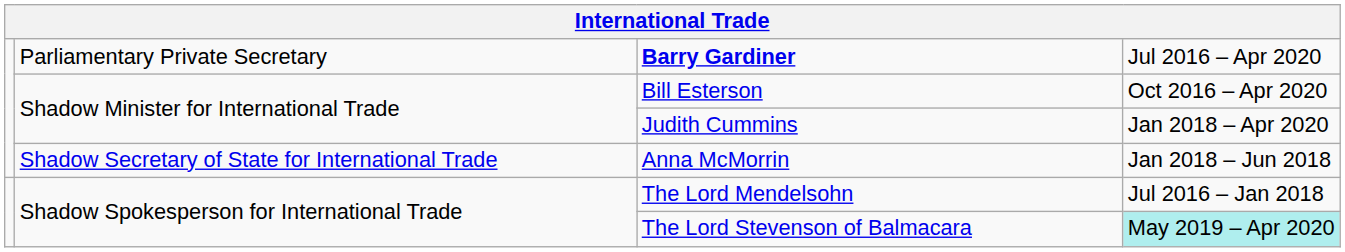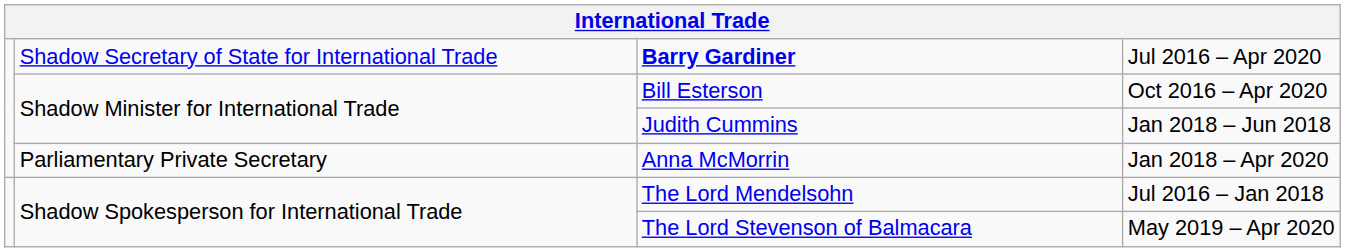 <table class="wikitable">
 <tr>
 <th colspan="4"><a href='#'>International Trade</a></th>
 </tr>
 <tr>
 <td rowspan="4" style="background: "></td>
-<td>Parliamentary Private Secretary</td>
+<td style="width: 450px;"><a href='#'>Shadow Secretary of State for International Trade</a></td>
 <td style="width: 350px;"><strong><a href='#'>Barry Gardiner</a></strong></td>
 <td>Jul 2016 – Apr 2020</td>
 </tr>
 <tr>
 <td rowspan="2">Shadow Minister for International Trade</td>
 <td><a href='#'>Bill Esterson</a></td>
 <td>Oct 2016 – Apr 2020</td>
 </tr>
 <tr>
 <td><a href='#'>Judith Cummins</a></td>
-<td>Jan 2018 – Apr 2020</td>
+<td>Jan 2018 – Jun 2018</td>
 </tr>
 <tr>
-<td style="width: 450px;"><a href='#'>Shadow Secretary of State for International Trade</a></td>
+<td>Parliamentary Private Secretary</td>
 <td><a href='#'>Anna McMorrin</a></td>
-<td>Jan 2018 – Jun 2018</td>
+<td>Jan 2018 – Apr 2020</td>
 </tr>
 <tr>
 <td rowspan="2" style="background: "></td>
 <td rowspan="2">Shadow Spokesperson for International Trade</td>
 <td><a href='#'>The Lord Mendelsohn</a></td>
 <td>Jul 2016 – Jan 2018</td>
 </tr>
 <tr>
 <td><a href='#'>The Lord Stevenson of Balmacara</a></td>
-<td style="background: paleturquoise;">May 2019 – Apr 2020</td>
+<td>May 2019 – Apr 2020</td>
 </tr>
 </table>
